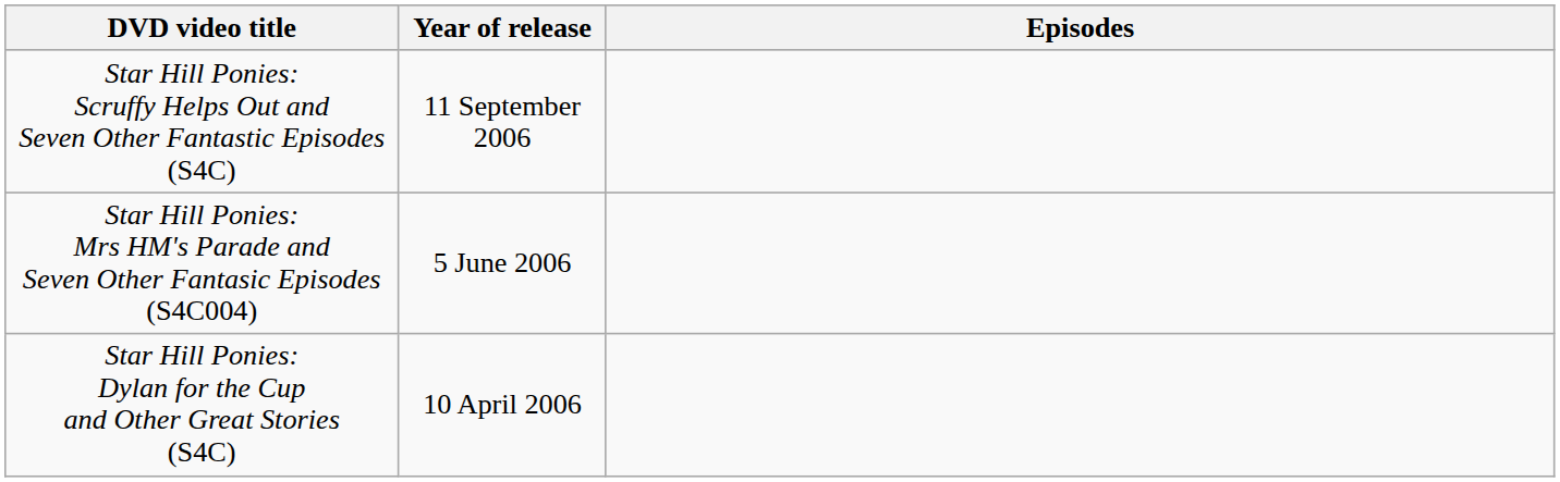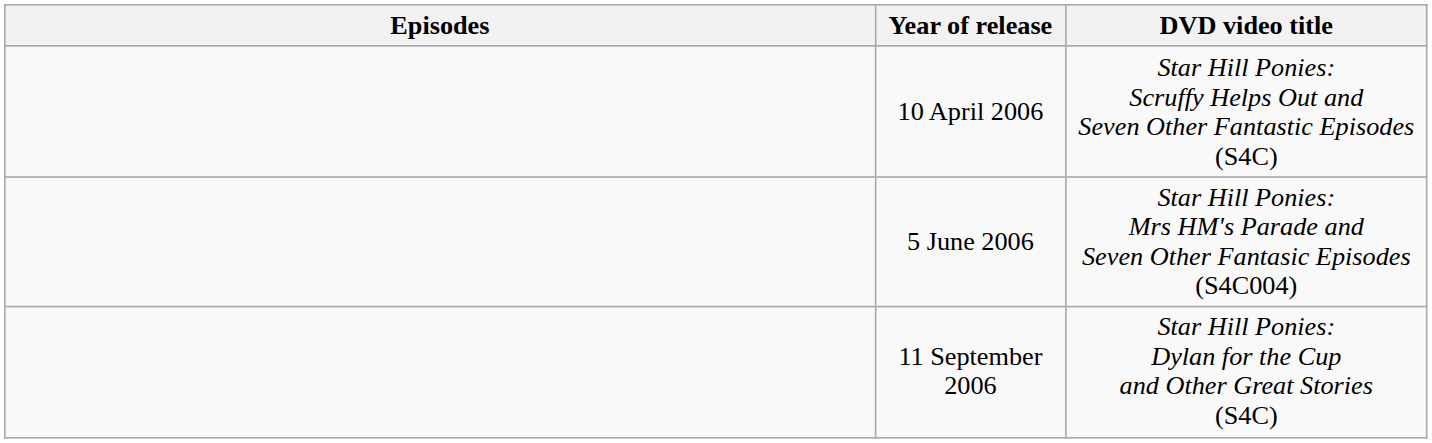 <table class="wikitable">
 <tr>
+<th style="width:41%;">Episodes</th>
+<th style="width:9%;">Year of release</th>
 <th style="width:17%;">DVD video title</th>
-<th style="width:9%;">Year of release</th>
-<th style="width:41%;">Episodes</th>
 </tr>
 <tr>
+<td align="center"></td>
+<td align="center">10 April 2006</td>
 <td align="center"><em>Star Hill Ponies:<br>Scruffy Helps Out and<br>Seven Other Fantastic Episodes</em><br>(S4C)</td>
-<td align="center">11 September 2006</td>
-<td align="center"></td>
 </tr>
 <tr>
+<td align="center"></td>
+<td align="center">5 June 2006</td>
 <td align="center"><em>Star Hill Ponies:<br>Mrs HM's Parade and<br>Seven Other Fantasic Episodes</em><br>(S4C004)</td>
-<td align="center">5 June 2006</td>
-<td align="center"></td>
 </tr>
 <tr>
+<td align="center"></td>
+<td align="center">11 September 2006</td>
 <td align="center"><em>Star Hill Ponies:<br>Dylan for the Cup<br>and Other Great Stories</em><br>(S4C)</td>
-<td align="center">10 April 2006</td>
-<td align="center"></td>
 </tr>
 </table>
